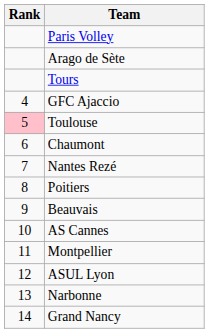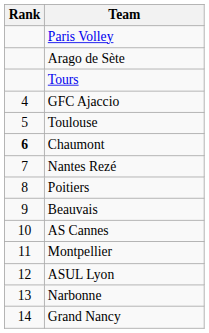 <table class="wikitable" style="text-align: center;">
 <tr>
 <th width=40>Rank</th>
 <th width=180>Team</th>
 </tr>
 <tr>
 <td></td>
 <td style="text-align:left;"><a href='#'>Paris Volley</a></td>
 </tr>
 <tr>
 <td></td>
 <td style="text-align:left;">Arago de Sète</td>
 </tr>
 <tr>
 <td></td>
 <td style="text-align:left;"><a href='#'>Tours</a></td>
 </tr>
 <tr>
 <td>4</td>
 <td style="text-align:left;">GFC Ajaccio</td>
 </tr>
 <tr>
-<td style="background: pink;">5</td>
+<td>5</td>
 <td style="text-align:left;">Toulouse</td>
 </tr>
 <tr>
-<td>6</td>
+<td><strong>6</strong></td>
 <td style="text-align:left;">Chaumont</td>
 </tr>
 <tr>
 <td>7</td>
 <td style="text-align:left;">Nantes Rezé</td>
 </tr>
 <tr>
 <td>8</td>
 <td style="text-align:left;">Poitiers</td>
 </tr>
 <tr>
 <td>9</td>
 <td style="text-align:left;">Beauvais</td>
 </tr>
 <tr>
 <td>10</td>
 <td style="text-align:left;">AS Cannes</td>
 </tr>
 <tr>
 <td>11</td>
 <td style="text-align:left;">Montpellier</td>
 </tr>
 <tr>
 <td>12</td>
 <td style="text-align:left;">ASUL Lyon</td>
 </tr>
 <tr>
 <td>13</td>
 <td style="text-align:left;">Narbonne</td>
 </tr>
 <tr>
 <td>14</td>
 <td style="text-align:left;">Grand Nancy</td>
 </tr>
 </table>
